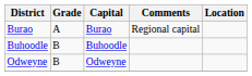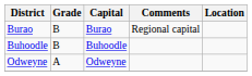 <table class="wikitable sortable">
 <tr>
 <th>District</th>
 <th>Grade</th>
 <th>Capital</th>
 <th>Comments</th>
 <th>Location</th>
 </tr>
 <tr>
 <td><a href='#'>Burao</a></td>
-<td>A</td>
+<td>B</td>
 <td><a href='#'>Burao</a></td>
 <td>Regional capital</td>
 <td></td>
 </tr>
 <tr>
 <td><a href='#'>Buhoodle</a></td>
 <td>B</td>
 <td><a href='#'>Buhoodle</a></td>
 <td></td>
 <td></td>
 </tr>
 <tr>
 <td><a href='#'>Odweyne</a></td>
-<td>B</td>
+<td>A</td>
 <td><a href='#'>Odweyne</a></td>
 <td></td>
 <td></td>
 </tr>
 <tr>
 </tr>
 </table>
